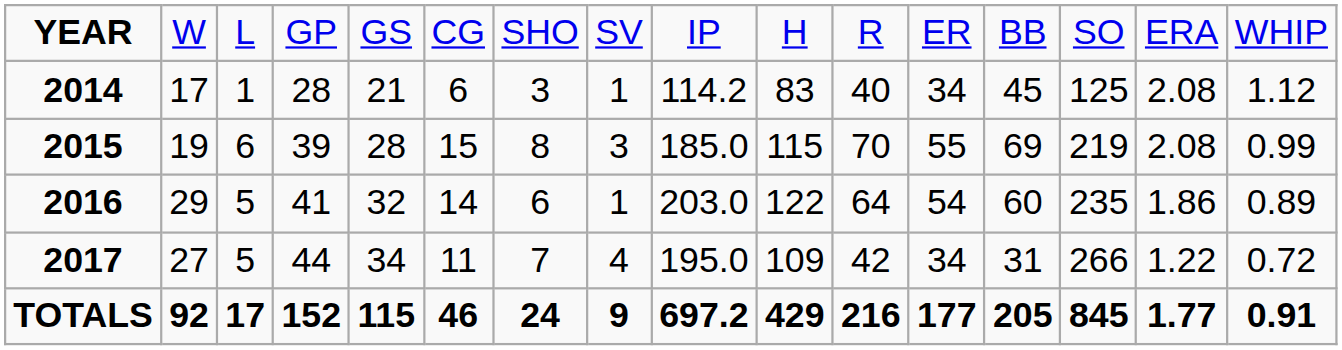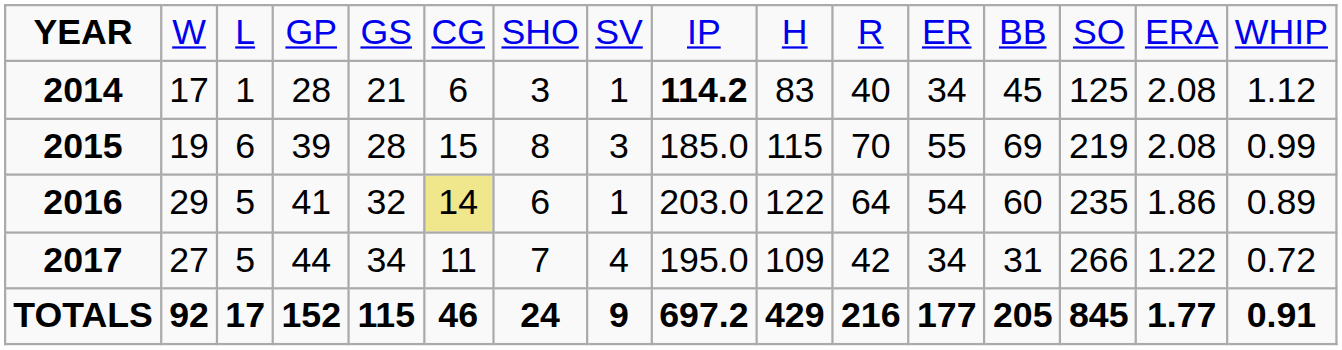 <table class="wikitable">
 <tr align=center>
 <td><strong>YEAR</strong></td>
 <td><a href='#'>W</a></td>
 <td><a href='#'>L</a></td>
 <td><a href='#'>GP</a></td>
 <td><a href='#'>GS</a></td>
 <td><a href='#'>CG</a></td>
 <td><a href='#'>SHO</a></td>
 <td><a href='#'>SV</a></td>
 <td><a href='#'>IP</a></td>
 <td><a href='#'>H</a></td>
 <td><a href='#'>R</a></td>
 <td><a href='#'>ER</a></td>
 <td><a href='#'>BB</a></td>
 <td><a href='#'>SO</a></td>
 <td><a href='#'>ERA</a></td>
 <td><a href='#'>WHIP</a></td>
 </tr>
 <tr align=center>
 <td><strong>2014</strong></td>
 <td>17</td>
 <td>1</td>
 <td>28</td>
 <td>21</td>
 <td>6</td>
 <td>3</td>
 <td>1</td>
-<td>114.2</td>
+<td><strong>114.2</strong></td>
 <td>83</td>
 <td>40</td>
 <td>34</td>
 <td>45</td>
 <td>125</td>
 <td>2.08</td>
 <td>1.12</td>
 </tr>
 <tr align=center>
 <td><strong>2015</strong></td>
 <td>19</td>
 <td>6</td>
 <td>39</td>
 <td>28</td>
 <td>15</td>
 <td>8</td>
 <td>3</td>
 <td>185.0</td>
 <td>115</td>
 <td>70</td>
 <td>55</td>
 <td>69</td>
 <td>219</td>
 <td>2.08</td>
 <td>0.99</td>
 </tr>
 <tr align=center>
 <td><strong>2016</strong></td>
 <td>29</td>
 <td>5</td>
 <td>41</td>
 <td>32</td>
-<td>14</td>
+<td style="background: khaki;">14</td>
 <td>6</td>
 <td>1</td>
 <td>203.0</td>
 <td>122</td>
 <td>64</td>
 <td>54</td>
 <td>60</td>
 <td>235</td>
 <td>1.86</td>
 <td>0.89</td>
 </tr>
 <tr align=center>
 <td><strong>2017</strong></td>
 <td>27</td>
 <td>5</td>
 <td>44</td>
 <td>34</td>
 <td>11</td>
 <td>7</td>
 <td>4</td>
 <td>195.0</td>
 <td>109</td>
 <td>42</td>
 <td>34</td>
 <td>31</td>
 <td>266</td>
 <td>1.22</td>
 <td>0.72</td>
 </tr>
 <tr align=center>
 <td><strong>TOTALS</strong></td>
 <td><strong>92</strong></td>
 <td><strong>17</strong></td>
 <td><strong>152</strong></td>
 <td><strong>115</strong></td>
 <td><strong>46</strong></td>
 <td><strong>24</strong></td>
 <td><strong>9</strong></td>
 <td><strong>697.2</strong></td>
 <td><strong>429</strong></td>
 <td><strong>216</strong></td>
 <td><strong>177</strong></td>
 <td><strong>205</strong></td>
 <td><strong>845</strong></td>
 <td><strong>1.77</strong></td>
 <td><strong>0.91</strong></td>
 </tr>
 </table>
